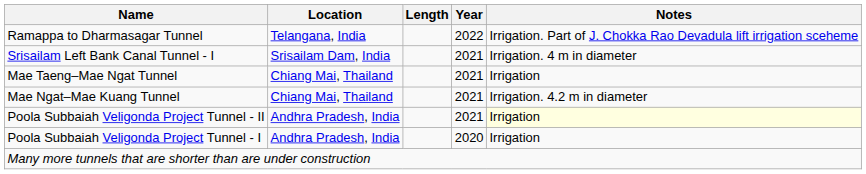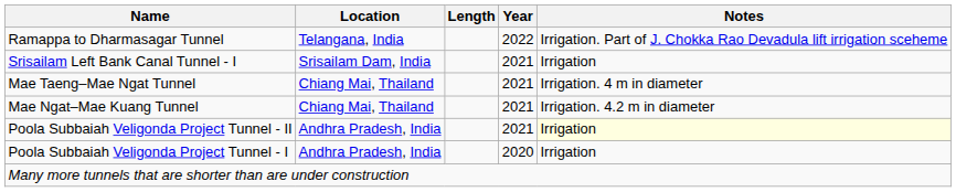 <table class="wikitable sortable">
 <tr>
 <th>Name</th>
 <th>Location</th>
 <th>Length</th>
 <th>Year</th>
 <th>Notes</th>
 </tr>
 <tr>
 <td>Ramappa to Dharmasagar Tunnel</td>
 <td><a href='#'>Telangana</a>, <a href='#'>India</a></td>
 <td></td>
 <td>2022</td>
 <td>Irrigation. Part of <a href='#'>J. Chokka Rao Devadula lift irrigation sceheme</a></td>
 </tr>
 <tr>
 <td><a href='#'>Srisailam</a> Left Bank Canal Tunnel - I</td>
 <td><a href='#'>Srisailam Dam</a>, <a href='#'>India</a></td>
 <td></td>
 <td>2021</td>
-<td>Irrigation. 4 m in diameter</td>
+<td>Irrigation</td>
 </tr>
 <tr>
 <td>Mae Taeng–Mae Ngat Tunnel</td>
 <td><a href='#'>Chiang Mai</a>, <a href='#'>Thailand</a></td>
 <td></td>
 <td>2021</td>
-<td>Irrigation</td>
+<td>Irrigation. 4 m in diameter</td>
 </tr>
 <tr>
 <td>Mae Ngat–Mae Kuang Tunnel</td>
 <td><a href='#'>Chiang Mai</a>, <a href='#'>Thailand</a></td>
 <td></td>
 <td>2021</td>
 <td>Irrigation. 4.2 m in diameter</td>
 </tr>
 <tr>
 <td>Poola Subbaiah <a href='#'>Veligonda Project</a> Tunnel - II</td>
 <td><a href='#'>Andhra Pradesh</a>, <a href='#'>India</a></td>
 <td></td>
 <td>2021</td>
 <td style="background: lightyellow;">Irrigation</td>
 </tr>
 <tr>
 <td>Poola Subbaiah <a href='#'>Veligonda Project</a> Tunnel - I</td>
 <td><a href='#'>Andhra Pradesh</a>, <a href='#'>India</a></td>
 <td></td>
 <td>2020</td>
 <td>Irrigation</td>
 </tr>
 <tr>
 <td colspan="7"><em>Many more tunnels that are shorter than  are under construction</em></td>
 </tr>
 </table>
